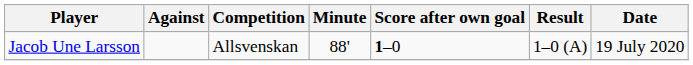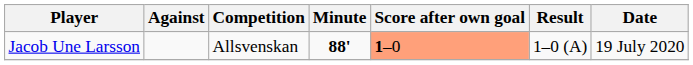 <table class="wikitable sortable">
 <tr>
 <th>Player</th>
 <th>Against</th>
 <th>Competition</th>
 <th>Minute</th>
 <th style="text-align:center">Score after own goal</th>
 <th style="text-align:center">Result</th>
 <th>Date</th>
 </tr>
 <tr>
 <td> <a href='#'>Jacob Une Larsson</a></td>
 <td></td>
 <td>Allsvenskan</td>
-<td style="text-align:center">88'</td>
-<td><strong>1</strong>–0</td>
+<td style="text-align:center"><strong>88'</strong></td>
+<td style="background: lightsalmon;"><strong>1</strong>–0</td>
 <td>1–0 (A)</td>
 <td>19 July 2020</td>
 </tr>
 <tr>
 </tr>
 </table>
